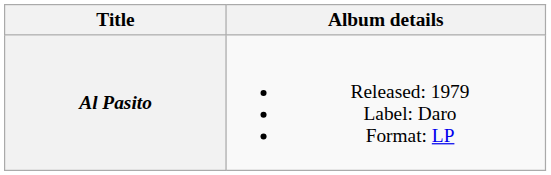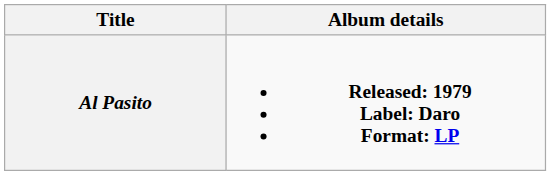 <table class="wikitable plainrowheaders" style="text-align:center;">
 <tr>
 <th scope="col" style="width:11em;">Title</th>
 <th scope="col" style="width:16em;">Album details</th>
 </tr>
 <tr>
 <th scope="row"><em>Al Pasito</em></th>
-<td><br><ul><li>Released: 1979</li><li>Label: Daro</li><li>Format: <a href='#'>LP</a></li></ul></td>
+<td><strong><br><ul><li>Released: 1979</li><li>Label: Daro</li><li>Format: <a href='#'>LP</a></li></ul></strong></td>
 </tr>
 </table>
